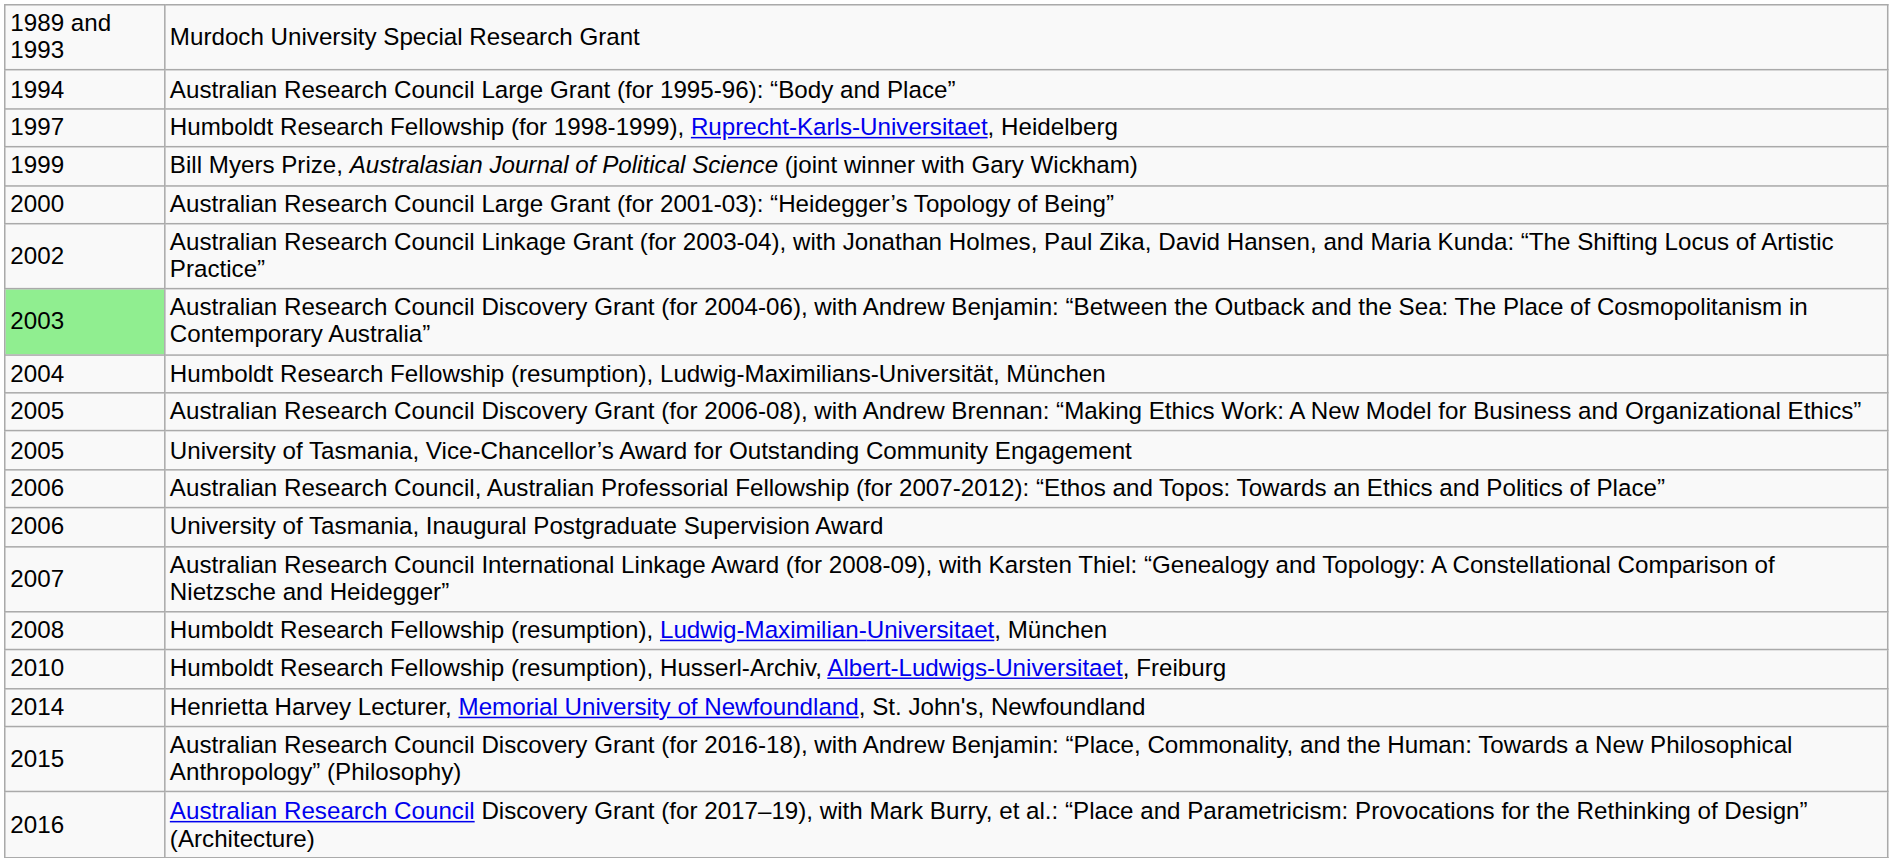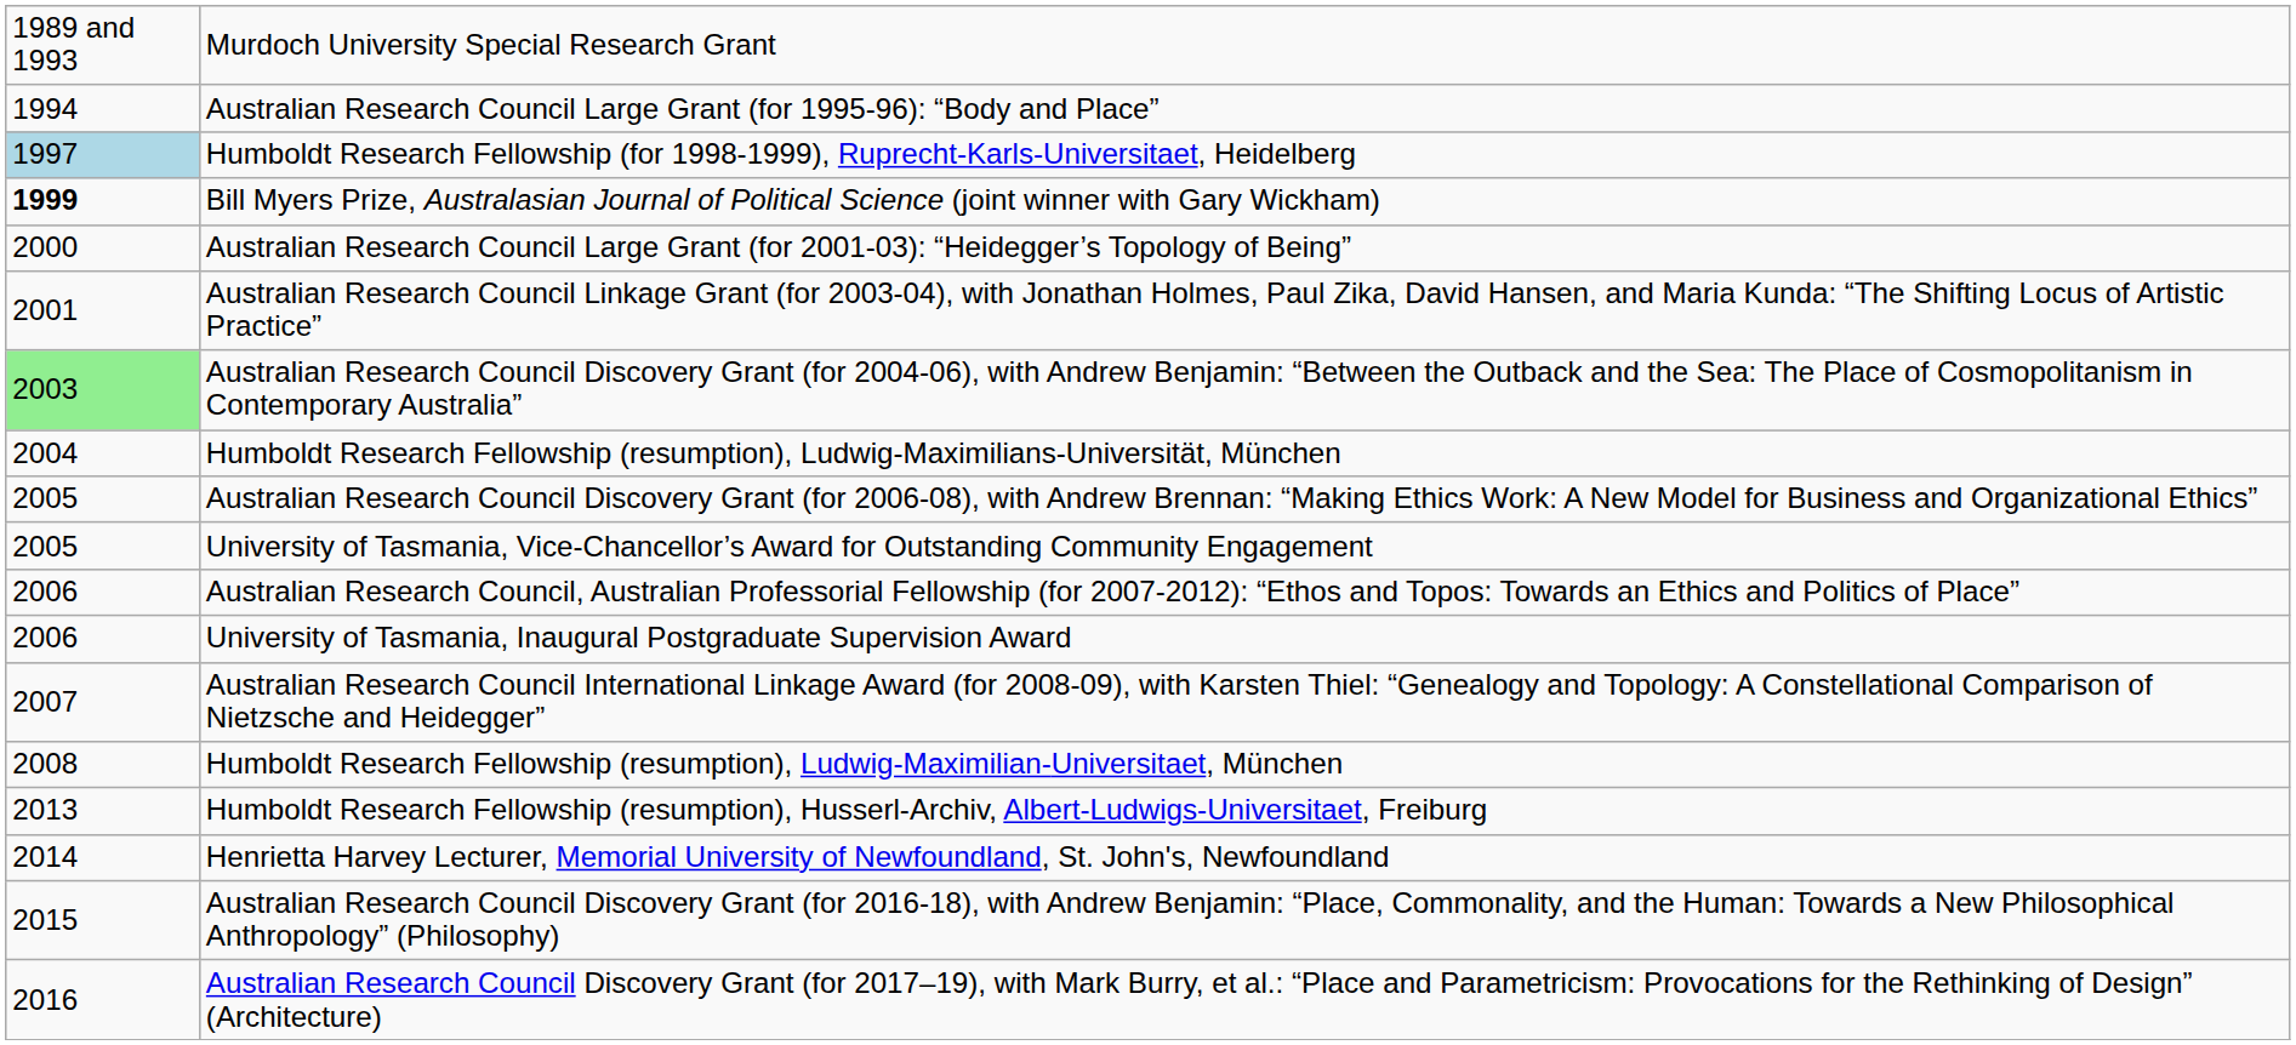 <table class="wikitable">
 <tr>
 <td>1989 and 1993</td>
 <td>Murdoch University Special Research Grant</td>
 </tr>
 <tr>
 <td>1994</td>
 <td>Australian Research Council Large Grant (for 1995-96): “Body and Place”</td>
 </tr>
 <tr>
-<td>1997</td>
+<td style="background: lightblue;">1997</td>
 <td>Humboldt Research Fellowship  (for 1998-1999), <a href='#'>Ruprecht-Karls-Universitaet</a>, Heidelberg</td>
 </tr>
 <tr>
-<td>1999</td>
+<td><strong>1999</strong></td>
 <td>Bill Myers Prize, <em>Australasian Journal of Political Science</em> (joint winner with Gary Wickham)</td>
 </tr>
 <tr>
 <td>2000</td>
 <td>Australian Research Council Large Grant (for 2001-03): “Heidegger’s Topology of Being”</td>
 </tr>
 <tr>
-<td>2002</td>
+<td>2001</td>
 <td>Australian Research Council Linkage Grant (for 2003-04), with Jonathan Holmes,  Paul Zika, David Hansen, and Maria Kunda: “The Shifting Locus of Artistic Practice”</td>
 </tr>
 <tr>
 <td style="background: lightgreen;">2003</td>
 <td>Australian Research Council Discovery Grant (for 2004-06), with Andrew Benjamin: “Between the Outback and the Sea: The Place of Cosmopolitanism in Contemporary Australia”</td>
 </tr>
 <tr>
 <td>2004</td>
 <td>Humboldt Research Fellowship  (resumption), Ludwig-Maximilians-Universität,  München</td>
 </tr>
 <tr>
 <td>2005</td>
 <td>Australian Research Council Discovery Grant (for 2006-08), with Andrew Brennan: “Making Ethics Work: A New Model for Business and Organizational Ethics”</td>
 </tr>
 <tr>
 <td>2005</td>
 <td>University of Tasmania, Vice-Chancellor’s Award for Outstanding Community Engagement</td>
 </tr>
 <tr>
 <td>2006</td>
 <td>Australian Research Council, Australian Professorial Fellowship (for 2007-2012):  “Ethos and Topos: Towards an Ethics and Politics of Place”</td>
 </tr>
 <tr>
 <td>2006</td>
 <td>University of Tasmania, Inaugural Postgraduate Supervision Award</td>
 </tr>
 <tr>
 <td>2007</td>
 <td>Australian Research Council International Linkage Award (for 2008-09),  with Karsten Thiel: “Genealogy and Topology: A Constellational Comparison of Nietzsche and Heidegger”</td>
 </tr>
 <tr>
 <td>2008</td>
 <td>Humboldt Research Fellowship  (resumption), <a href='#'>Ludwig-Maximilian-</a><a href='#'>Universitaet</a>, München</td>
 </tr>
 <tr>
-<td>2010</td>
+<td>2013</td>
 <td>Humboldt Research Fellowship  (resumption), Husserl-Archiv, <a href='#'>Albert-Ludwigs-Universitaet</a>, Freiburg</td>
 </tr>
 <tr>
 <td>2014</td>
 <td>Henrietta Harvey Lecturer, <a href='#'>Memorial University of Newfoundland</a>, St. John's, Newfoundland</td>
 </tr>
 <tr>
 <td>2015</td>
 <td>Australian Research Council Discovery Grant (for 2016-18), with Andrew Benjamin: “Place,  Commonality, and the Human: Towards a New Philosophical Anthropology”  (Philosophy)</td>
 </tr>
 <tr>
 <td>2016</td>
 <td><a href='#'>Australian Research Council</a> Discovery Grant (for 2017–19), with Mark Burry, et al.: “Place and Parametricism:  Provocations for the Rethinking of Design” (Architecture)</td>
 </tr>
 <tr>
 </tr>
 </table>
